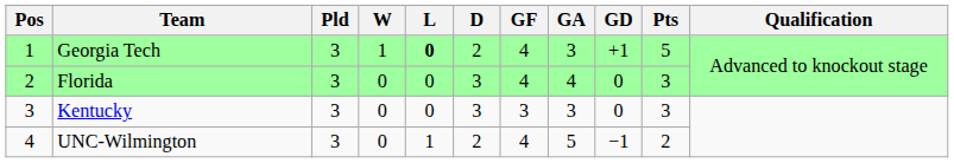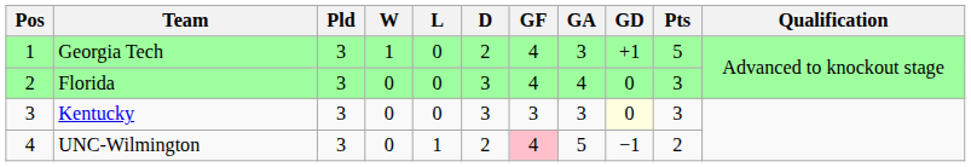 <table class="wikitable" style="text-align:center; margin: 1em auto">
 <tr>
 <th style="width:2em">Pos</th>
 <th style="width:13em">Team</th>
 <th style="width:2em">Pld</th>
 <th style="width:2em">W</th>
 <th style="width:2em">L</th>
 <th style="width:2em">D</th>
 <th style="width:2em">GF</th>
 <th style="width:2em">GA</th>
 <th style="width:2em">GD</th>
 <th style="width:2em">Pts</th>
 <th style="width:13em">Qualification</th>
 </tr>
 <tr bgcolor="#9eff9e">
 <td>1</td>
 <td style="text-align:left">Georgia Tech</td>
 <td>3</td>
 <td>1</td>
-<td><strong>0</strong></td>
+<td>0</td>
 <td>2</td>
 <td>4</td>
 <td>3</td>
 <td>+1</td>
 <td>5</td>
 <td rowspan="2">Advanced to knockout stage</td>
 </tr>
 <tr bgcolor="#9eff9e">
 <td>2</td>
 <td style="text-align:left">Florida</td>
 <td>3</td>
 <td>0</td>
 <td>0</td>
 <td>3</td>
 <td>4</td>
 <td>4</td>
 <td>0</td>
 <td>3</td>
 </tr>
 <tr>
 <td>3</td>
 <td style="text-align:left"><a href='#'>Kentucky</a></td>
 <td>3</td>
 <td>0</td>
 <td>0</td>
 <td>3</td>
 <td>3</td>
 <td>3</td>
-<td>0</td>
+<td style="background: lightyellow;">0</td>
 <td>3</td>
 <td rowspan="2"></td>
 </tr>
 <tr>
 <td>4</td>
 <td style="text-align:left">UNC-Wilmington</td>
 <td>3</td>
 <td>0</td>
 <td>1</td>
 <td>2</td>
-<td>4</td>
+<td style="background: pink;">4</td>
 <td>5</td>
 <td>−1</td>
 <td>2</td>
 </tr>
 </table>
